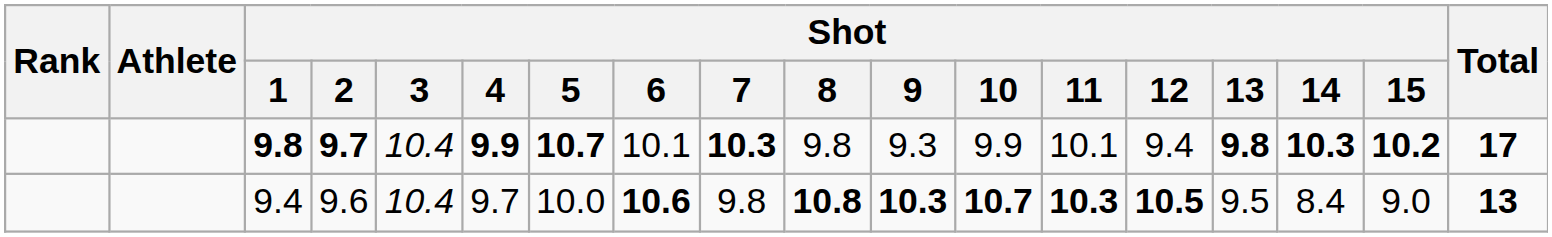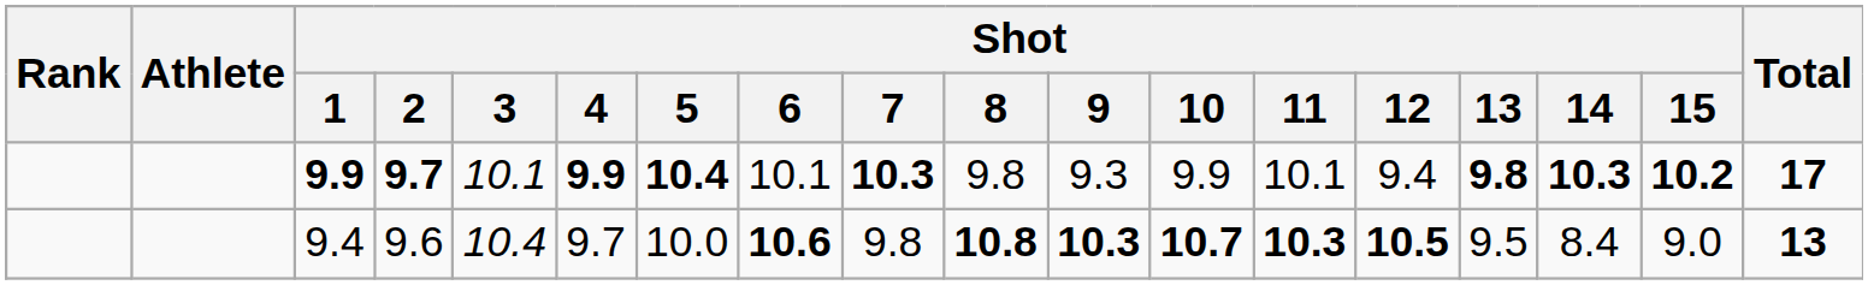 <table class="wikitable" style="text-align:center">
 <tr>
 <th rowspan=2>Rank</th>
 <th rowspan=2>Athlete</th>
 <th colspan=15>Shot</th>
 <th rowspan=2 width=40>Total</th>
 </tr>
 <tr>
 <th width=30>1</th>
 <th width=30>2</th>
 <th width=30>3</th>
 <th width=30>4</th>
 <th width=30>5</th>
 <th width=30>6</th>
 <th width=30>7</th>
 <th width=30>8</th>
 <th width=30>9</th>
 <th width=30>10</th>
 <th width=30>11</th>
 <th width=30>12</th>
 <th width=30>13</th>
 <th width=30>14</th>
 <th width=30>15</th>
 </tr>
 <tr>
 <td></td>
 <td align=left></td>
-<td><strong>9.8</strong></td>
+<td><strong>9.9</strong></td>
 <td><strong>9.7</strong></td>
-<td><em>10.4</em></td>
+<td><em>10.1</em></td>
 <td><strong>9.9</strong></td>
-<td><strong>10.7</strong></td>
+<td><strong>10.4</strong></td>
 <td>10.1</td>
 <td><strong>10.3</strong></td>
 <td>9.8</td>
 <td>9.3</td>
 <td>9.9</td>
 <td>10.1</td>
 <td>9.4</td>
 <td><strong>9.8</strong></td>
 <td><strong>10.3</strong></td>
 <td><strong>10.2</strong></td>
 <td><strong>17</strong></td>
 </tr>
 <tr>
 <td></td>
 <td align=left></td>
 <td>9.4</td>
 <td>9.6</td>
 <td><em>10.4</em></td>
 <td>9.7</td>
 <td>10.0</td>
 <td><strong>10.6</strong></td>
 <td>9.8</td>
 <td><strong>10.8</strong></td>
 <td><strong>10.3</strong></td>
 <td><strong>10.7</strong></td>
 <td><strong>10.3</strong></td>
 <td><strong>10.5</strong></td>
 <td>9.5</td>
 <td>8.4</td>
 <td>9.0</td>
 <td><strong>13</strong></td>
 </tr>
 </table>
